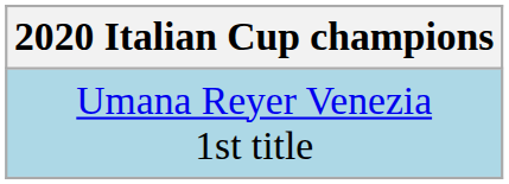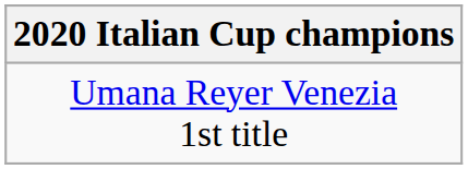 <table class=wikitable style="text-align:center; margin:auto">
 <tr>
 <th>2020 Italian Cup champions</th>
 </tr>
 <tr>
-<td style="background: lightblue;"><a href='#'>Umana Reyer Venezia</a> <br> 1st title</td>
+<td><a href='#'>Umana Reyer Venezia</a> <br> 1st title</td>
 </tr>
 </table>
